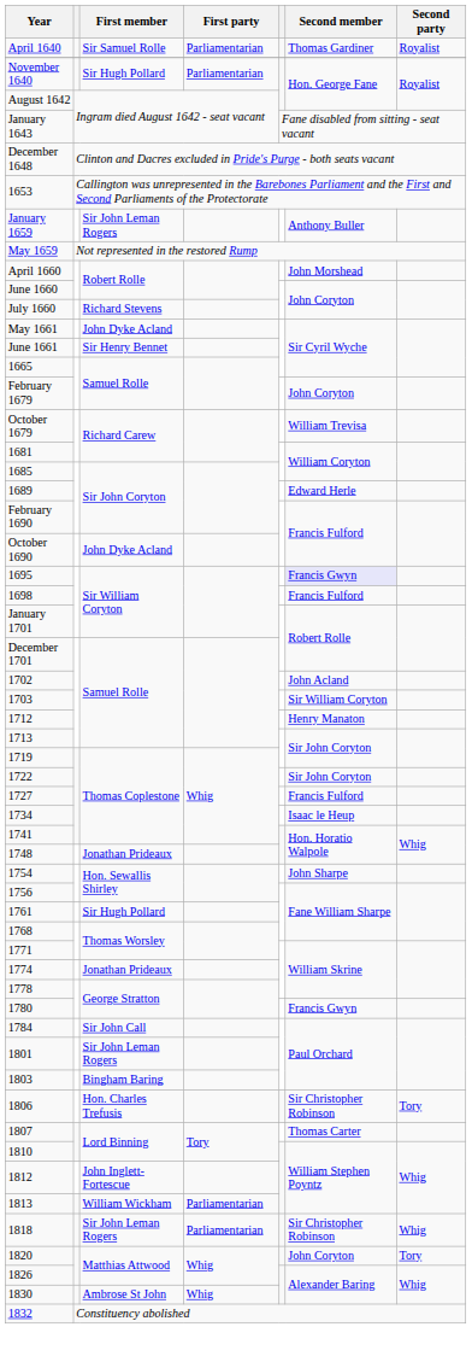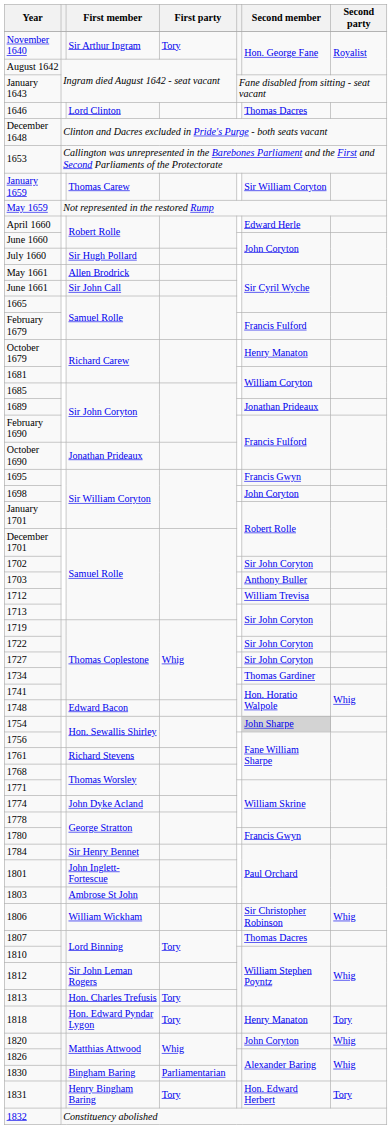 <table class="wikitable">
 <tr>
 <th>Year</th>
 <th></th>
 <th>First member</th>
 <th>First party</th>
 <th></th>
 <th>Second member</th>
 <th>Second party</th>
 </tr>
 <tr>
-<td><a href='#'>April 1640</a></td>
-<td style="color:inherit;background-color: "></td>
-<td><a href='#'>Sir Samuel Rolle</a></td>
-<td><a href='#'>Parliamentarian</a></td>
-<td style="color:inherit;background-color: "></td>
-<td><a href='#'>Thomas Gardiner</a></td>
-<td><a href='#'>Royalist</a></td>
-</tr>
-<tr>
 </tr>
 <tr>
 <td><a href='#'>November 1640</a></td>
 <td style="color:inherit;background-color: "></td>
-<td><a href='#'>Sir Hugh Pollard</a></td>
-<td><a href='#'>Parliamentarian</a></td>
+<td><a href='#'>Sir Arthur Ingram</a></td>
+<td><a href='#'>Tory</a></td>
 <td rowspan="2" style="color:inherit;background-color: "></td>
 <td rowspan="2"><a href='#'>Hon. George Fane</a></td>
 <td rowspan="2"><a href='#'>Royalist</a></td>
 </tr>
 <tr>
 <td>August 1642</td>
 <td rowspan="2" colspan="3"><em>Ingram died August 1642 - seat vacant</em></td>
 </tr>
 <tr>
 <td>January 1643</td>
 <td colspan="3"><em>Fane disabled from sitting - seat vacant</em></td>
 </tr>
 <tr>
+<td>1646</td>
+<td style="color:inherit;background-color: white"></td>
+<td><a href='#'>Lord Clinton</a></td>
+<td></td>
+<td style="color:inherit;background-color: white"></td>
+<td><a href='#'>Thomas Dacres</a></td>
+<td></td>
+</tr>
+<tr>
 <td>December 1648</td>
 <td colspan="6"><em>Clinton and Dacres excluded in <a href='#'>Pride's Purge</a> - both seats vacant</em></td>
 </tr>
 <tr>
 <td>1653</td>
 <td colspan="6"><em>Callington was unrepresented in the <a href='#'>Barebones Parliament</a> and the <a href='#'>First</a> and <a href='#'>Second</a> Parliaments of the Protectorate</em></td>
 </tr>
 <tr>
 <td><a href='#'>January 1659</a></td>
 <td style="color:inherit;background-color: white"></td>
-<td><a href='#'>Sir John Leman Rogers</a></td>
+<td><a href='#'>Thomas Carew</a></td>
 <td></td>
 <td style="color:inherit;background-color: white"></td>
-<td><a href='#'>Anthony Buller</a></td>
+<td><a href='#'>Sir William Coryton</a></td>
 <td></td>
 </tr>
 <tr>
 <td><a href='#'>May 1659</a></td>
 <td colspan="6"><em>Not represented in the restored <a href='#'>Rump</a></em></td>
 </tr>
 <tr>
 <td>April 1660</td>
 <td rowspan="2" style="color:inherit;background-color: white"></td>
 <td rowspan="2"><a href='#'>Robert Rolle</a></td>
 <td rowspan="2"></td>
 <td style="color:inherit;background-color: white"></td>
-<td><a href='#'>John Morshead</a></td>
+<td><a href='#'>Edward Herle</a></td>
 <td></td>
 </tr>
 <tr>
 <td>June 1660</td>
 <td rowspan="2" style="color:inherit;background-color: white"></td>
 <td rowspan="2"><a href='#'>John Coryton</a></td>
 <td rowspan="2"></td>
 </tr>
 <tr>
 <td>July 1660</td>
 <td style="color:inherit;background-color: white"></td>
-<td><a href='#'>Richard Stevens</a></td>
+<td><a href='#'>Sir Hugh Pollard</a></td>
 <td></td>
 </tr>
 <tr>
 <td>May 1661</td>
 <td style="color:inherit;background-color: white"></td>
-<td><a href='#'>John Dyke Acland</a></td>
+<td><a href='#'>Allen Brodrick</a></td>
 <td></td>
 <td rowspan="3" style="color:inherit;background-color: white"></td>
 <td rowspan="3"><a href='#'>Sir Cyril Wyche</a></td>
 <td rowspan="3"></td>
 </tr>
 <tr>
 <td>June 1661</td>
 <td style="color:inherit;background-color: white"></td>
-<td><a href='#'>Sir Henry Bennet</a></td>
+<td><a href='#'>Sir John Call</a></td>
 <td></td>
 </tr>
 <tr>
 <td>1665</td>
 <td rowspan="2" style="color:inherit;background-color: white"></td>
 <td rowspan="2"><a href='#'>Samuel Rolle</a></td>
 <td rowspan="2"></td>
 </tr>
 <tr>
 <td>February 1679</td>
 <td style="color:inherit;background-color: white"></td>
-<td><a href='#'>John Coryton</a></td>
+<td><a href='#'>Francis Fulford</a></td>
 <td></td>
 </tr>
 <tr>
 <td>October 1679</td>
 <td rowspan="2" style="color:inherit;background-color: white"></td>
 <td rowspan="2"><a href='#'>Richard Carew</a></td>
 <td rowspan="2"></td>
 <td style="color:inherit;background-color: white"></td>
-<td><a href='#'>William Trevisa</a></td>
+<td><a href='#'>Henry Manaton</a></td>
 <td></td>
 </tr>
 <tr>
 <td>1681</td>
 <td rowspan="2" style="color:inherit;background-color: white"></td>
 <td rowspan="2"><a href='#'>William Coryton</a></td>
 <td rowspan="2"></td>
 </tr>
 <tr>
 <td>1685</td>
 <td rowspan="3" style="color:inherit;background-color: white"></td>
 <td rowspan="3"><a href='#'>Sir John Coryton</a></td>
 <td rowspan="3"></td>
 </tr>
 <tr>
 <td>1689</td>
 <td style="color:inherit;background-color: white"></td>
-<td><a href='#'>Edward Herle</a></td>
+<td><a href='#'>Jonathan Prideaux</a></td>
 <td></td>
 </tr>
 <tr>
 <td>February 1690</td>
 <td rowspan="2" style="color:inherit;background-color: white"></td>
 <td rowspan="2"><a href='#'>Francis Fulford</a></td>
 <td rowspan="2"></td>
 </tr>
 <tr>
 <td>October 1690</td>
 <td style="color:inherit;background-color: white"></td>
-<td><a href='#'>John Dyke Acland</a></td>
+<td><a href='#'>Jonathan Prideaux</a></td>
 <td></td>
 </tr>
 <tr>
 <td>1695</td>
 <td rowspan="3" style="color:inherit;background-color: white"></td>
 <td rowspan="3"><a href='#'>Sir William Coryton</a></td>
 <td rowspan="3"></td>
 <td style="color:inherit;background-color: white"></td>
-<td style="background: lavender;"><a href='#'>Francis Gwyn</a></td>
+<td><a href='#'>Francis Gwyn</a></td>
 <td></td>
 </tr>
 <tr>
 <td>1698</td>
 <td style="color:inherit;background-color: white"></td>
-<td><a href='#'>Francis Fulford</a></td>
+<td><a href='#'>John Coryton</a></td>
 <td></td>
 </tr>
 <tr>
 <td>January 1701</td>
 <td rowspan="2" style="color:inherit;background-color: white"></td>
 <td rowspan="2"><a href='#'>Robert Rolle</a></td>
 <td rowspan="2"></td>
 </tr>
 <tr>
 <td>December 1701</td>
 <td rowspan="5" style="color:inherit;background-color: white"></td>
 <td rowspan="5"><a href='#'>Samuel Rolle</a></td>
 <td rowspan="5"></td>
 </tr>
 <tr>
 <td>1702</td>
 <td style="color:inherit;background-color: white"></td>
-<td><a href='#'>John Acland</a></td>
+<td><a href='#'>Sir John Coryton</a></td>
 <td></td>
 </tr>
 <tr>
 <td>1703</td>
 <td style="color:inherit;background-color: white"></td>
-<td><a href='#'>Sir William Coryton</a></td>
+<td><a href='#'>Anthony Buller</a></td>
 <td></td>
 </tr>
 <tr>
 <td>1712</td>
 <td style="color:inherit;background-color: white"></td>
-<td><a href='#'>Henry Manaton</a></td>
+<td><a href='#'>William Trevisa</a></td>
 <td></td>
 </tr>
 <tr>
 <td>1713</td>
 <td rowspan="2" style="color:inherit;background-color: white"></td>
 <td rowspan="2"><a href='#'>Sir John Coryton</a></td>
 <td rowspan="2"></td>
 </tr>
 <tr>
 <td>1719</td>
 <td rowspan="5" style="color:inherit;background-color: "></td>
 <td rowspan="5"><a href='#'>Thomas Coplestone</a></td>
 <td rowspan="5"><a href='#'>Whig</a></td>
 </tr>
 <tr>
 <td>1722</td>
 <td style="color:inherit;background-color: white"></td>
 <td><a href='#'>Sir John Coryton</a></td>
 <td></td>
 </tr>
 <tr>
 <td>1727</td>
 <td style="color:inherit;background-color: white"></td>
-<td><a href='#'>Francis Fulford</a></td>
+<td><a href='#'>Sir John Coryton</a></td>
 <td></td>
 </tr>
 <tr>
 <td>1734</td>
 <td style="color:inherit;background-color: white"></td>
-<td><a href='#'>Isaac le Heup</a></td>
+<td><a href='#'>Thomas Gardiner</a></td>
 <td></td>
 </tr>
 <tr>
 <td>1741</td>
 <td rowspan="2" style="color:inherit;background-color: "></td>
 <td rowspan="2"><a href='#'>Hon. Horatio Walpole</a></td>
 <td rowspan="2"><a href='#'>Whig</a></td>
 </tr>
 <tr>
 <td>1748</td>
 <td style="color:inherit;background-color: white"></td>
-<td><a href='#'>Jonathan Prideaux</a></td>
+<td><a href='#'>Edward Bacon</a></td>
 <td></td>
 </tr>
 <tr>
 <td>1754</td>
 <td rowspan="2" style="color:inherit;background-color: white"></td>
 <td rowspan="2"><a href='#'>Hon. Sewallis Shirley</a></td>
 <td rowspan="2"></td>
 <td style="color:inherit;background-color: white"></td>
-<td><a href='#'>John Sharpe</a></td>
+<td style="background: lightgrey;"><a href='#'>John Sharpe</a></td>
 <td></td>
 </tr>
 <tr>
 <td>1756</td>
 <td rowspan="3" style="color:inherit;background-color: white"></td>
 <td rowspan="3"><a href='#'>Fane William Sharpe</a></td>
 <td rowspan="3"></td>
 </tr>
 <tr>
 <td>1761</td>
 <td style="color:inherit;background-color: white"></td>
-<td><a href='#'>Sir Hugh Pollard</a></td>
+<td><a href='#'>Richard Stevens</a></td>
 <td></td>
 </tr>
 <tr>
 <td>1768</td>
 <td rowspan="2" style="color:inherit;background-color: white"></td>
 <td rowspan="2"><a href='#'>Thomas Worsley</a></td>
 <td rowspan="2"></td>
 </tr>
 <tr>
 <td>1771</td>
 <td rowspan="3" style="color:inherit;background-color: white"></td>
 <td rowspan="3"><a href='#'>William Skrine</a></td>
 <td rowspan="3"></td>
 </tr>
 <tr>
 <td>1774</td>
 <td style="color:inherit;background-color: white"></td>
-<td><a href='#'>Jonathan Prideaux</a></td>
+<td><a href='#'>John Dyke Acland</a></td>
 <td></td>
 </tr>
 <tr>
 <td>1778</td>
 <td rowspan="2" style="color:inherit;background-color: white"></td>
 <td rowspan="2"><a href='#'>George Stratton</a></td>
 <td rowspan="2"></td>
 </tr>
 <tr>
 <td>1780</td>
 <td style="color:inherit;background-color: white"></td>
 <td><a href='#'>Francis Gwyn</a></td>
 <td></td>
 </tr>
 <tr>
 <td>1784</td>
 <td style="color:inherit;background-color: white"></td>
-<td><a href='#'>Sir John Call</a></td>
+<td><a href='#'>Sir Henry Bennet</a></td>
 <td></td>
 <td rowspan="3" style="color:inherit;background-color: white"></td>
 <td rowspan="3"><a href='#'>Paul Orchard</a></td>
 <td rowspan="3"></td>
 </tr>
 <tr>
 <td>1801</td>
 <td style="color:inherit;background-color: white"></td>
-<td><a href='#'>Sir John Leman Rogers</a></td>
+<td><a href='#'>John Inglett-Fortescue</a></td>
 <td></td>
 </tr>
 <tr>
 <td>1803</td>
 <td style="color:inherit;background-color: white"></td>
-<td><a href='#'>Bingham Baring</a></td>
+<td><a href='#'>Ambrose St John</a></td>
 <td></td>
 </tr>
 <tr>
 <td>1806</td>
 <td style="color:inherit;background-color: white"></td>
-<td><a href='#'>Hon. Charles Trefusis</a></td>
+<td><a href='#'>William Wickham</a></td>
 <td></td>
 <td style="color:inherit;background-color: "></td>
 <td><a href='#'>Sir Christopher Robinson</a></td>
-<td><a href='#'>Tory</a></td>
+<td><a href='#'>Whig</a></td>
 </tr>
 <tr>
 <td>1807</td>
 <td rowspan="2" style="color:inherit;background-color: "></td>
 <td rowspan="2"><a href='#'>Lord Binning</a></td>
 <td rowspan="2"><a href='#'>Tory</a></td>
 <td style="color:inherit;background-color: white"></td>
-<td><a href='#'>Thomas Carter</a></td>
+<td><a href='#'>Thomas Dacres</a></td>
 <td></td>
 </tr>
 <tr>
 <td>1810</td>
 <td rowspan="3" style="color:inherit;background-color: "></td>
 <td rowspan="3"><a href='#'>William Stephen Poyntz</a></td>
 <td rowspan="3"><a href='#'>Whig</a></td>
 </tr>
 <tr>
 <td>1812</td>
 <td style="color:inherit;background-color: white"></td>
-<td><a href='#'>John Inglett-Fortescue</a></td>
+<td><a href='#'>Sir John Leman Rogers</a></td>
 <td></td>
 </tr>
 <tr>
 <td>1813</td>
 <td style="color:inherit;background-color: "></td>
-<td><a href='#'>William Wickham</a></td>
-<td><a href='#'>Parliamentarian</a></td>
+<td><a href='#'>Hon. Charles Trefusis</a></td>
+<td><a href='#'>Tory</a></td>
 </tr>
 <tr>
 <td>1818</td>
 <td style="color:inherit;background-color: "></td>
-<td><a href='#'>Sir John Leman Rogers</a></td>
-<td><a href='#'>Parliamentarian</a></td>
+<td><a href='#'>Hon. Edward Pyndar Lygon</a></td>
+<td><a href='#'>Tory</a></td>
 <td style="color:inherit;background-color: "></td>
-<td><a href='#'>Sir Christopher Robinson</a></td>
-<td><a href='#'>Whig</a></td>
+<td><a href='#'>Henry Manaton</a></td>
+<td><a href='#'>Tory</a></td>
 </tr>
 <tr>
 <td>1820</td>
 <td rowspan="2" style="color:inherit;background-color: "></td>
 <td rowspan="2"><a href='#'>Matthias Attwood</a></td>
 <td rowspan="2"><a href='#'>Whig</a></td>
 <td style="color:inherit;background-color: "></td>
 <td><a href='#'>John Coryton</a></td>
-<td><a href='#'>Tory</a></td>
+<td><a href='#'>Whig</a></td>
 </tr>
 <tr>
 <td>1826</td>
 <td rowspan="2" style="color:inherit;background-color: "></td>
 <td rowspan="2"><a href='#'>Alexander Baring</a></td>
 <td rowspan="2"><a href='#'>Whig</a></td>
 </tr>
 <tr>
 <td>1830</td>
 <td style="color:inherit;background-color: "></td>
-<td><a href='#'>Ambrose St John</a></td>
-<td><a href='#'>Whig</a></td>
+<td><a href='#'>Bingham Baring</a></td>
+<td><a href='#'>Parliamentarian</a></td>
+</tr>
+<tr>
+<td>1831</td>
+<td style="color:inherit;background-color: "></td>
+<td><a href='#'>Henry Bingham Baring</a></td>
+<td><a href='#'>Tory</a></td>
+<td style="color:inherit;background-color: "></td>
+<td><a href='#'>Hon. Edward Herbert</a></td>
+<td><a href='#'>Tory</a></td>
 </tr>
 <tr>
 <td><a href='#'>1832</a></td>
 <td colspan="6"><em>Constituency abolished</em></td>
 </tr>
 </table>
